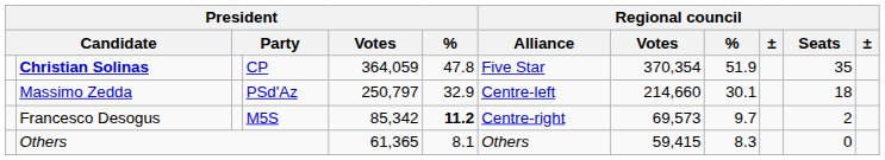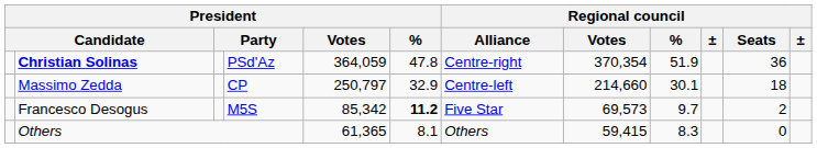 <table class="wikitable" style="text-align:right; style="width=70%">
 <tr>
 <th colspan="6">President</th>
 <th colspan="6">Regional council</th>
 </tr>
 <tr>
 <th colspan="2">Candidate</th>
 <th colspan="2">Party</th>
 <th>Votes</th>
 <th>%</th>
 <th>Alliance</th>
 <th>Votes</th>
 <th>%</th>
 <th>±</th>
 <th>Seats</th>
 <th>±</th>
 </tr>
 <tr>
 <td></td>
 <td style="text-align:left"><strong><a href='#'>Christian Solinas</a></strong></td>
 <td></td>
-<td style="text-align:left"><a href='#'>CP</a></td>
+<td style="text-align:left"><a href='#'>PSd'Az</a></td>
 <td>364,059</td>
 <td>47.8</td>
-<td style="text-align:left"><a href='#'>Five Star</a></td>
+<td style="text-align:left"><a href='#'>Centre-right</a></td>
 <td>370,354</td>
 <td>51.9</td>
 <td></td>
-<td>35</td>
+<td>36</td>
 <td></td>
 </tr>
 <tr>
 <td></td>
 <td style="text-align:left"><a href='#'>Massimo Zedda</a></td>
 <td></td>
-<td style="text-align:left"><a href='#'>PSd'Az</a></td>
+<td style="text-align:left"><a href='#'>CP</a></td>
 <td>250,797</td>
 <td>32.9</td>
 <td style="text-align:left"><a href='#'>Centre-left</a></td>
 <td>214,660</td>
 <td>30.1</td>
 <td></td>
 <td>18</td>
 <td></td>
 </tr>
 <tr>
 <td></td>
 <td style="text-align:left">Francesco Desogus</td>
 <td></td>
 <td style="text-align:left"><a href='#'>M5S</a></td>
 <td>85,342</td>
 <td><strong>11.2</strong></td>
-<td style="text-align:left"><a href='#'>Centre-right</a></td>
+<td style="text-align:left"><a href='#'>Five Star</a></td>
 <td>69,573</td>
 <td>9.7</td>
 <td></td>
 <td>2</td>
 <td></td>
 </tr>
 <tr>
 <td></td>
 <td colspan="3" style="text-align:left"><em>Others</em></td>
 <td>61,365</td>
 <td>8.1</td>
 <td style="text-align:left"><em>Others</em></td>
 <td>59,415</td>
 <td>8.3</td>
 <td></td>
 <td>0</td>
 <td></td>
 </tr>
 </table>
